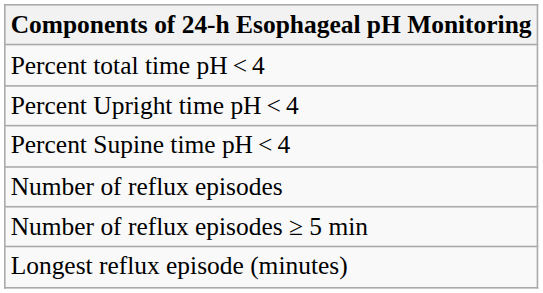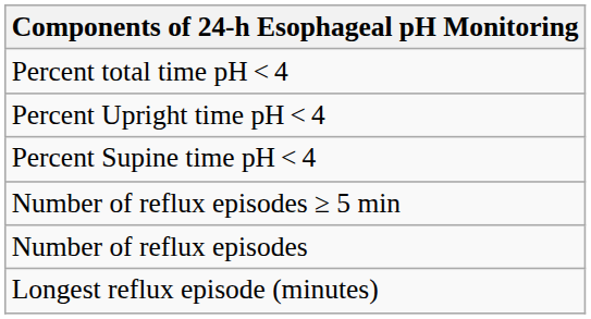 <table class="wikitable">
 <tr>
 <th><strong>Components of 24-h Esophageal pH Monitoring</strong></th>
 </tr>
 <tr>
 <td>Percent total time pH < 4</td>
 </tr>
 <tr>
 <td>Percent Upright time pH < 4</td>
 </tr>
 <tr>
 <td>Percent Supine time pH < 4</td>
 </tr>
 <tr>
-<td>Number of reflux episodes</td>
+<td>Number of reflux episodes ≥ 5 min</td>
 </tr>
 <tr>
-<td>Number of reflux episodes ≥ 5 min</td>
+<td>Number of reflux episodes</td>
 </tr>
 <tr>
 <td>Longest reflux episode (minutes)</td>
 </tr>
 </table>
